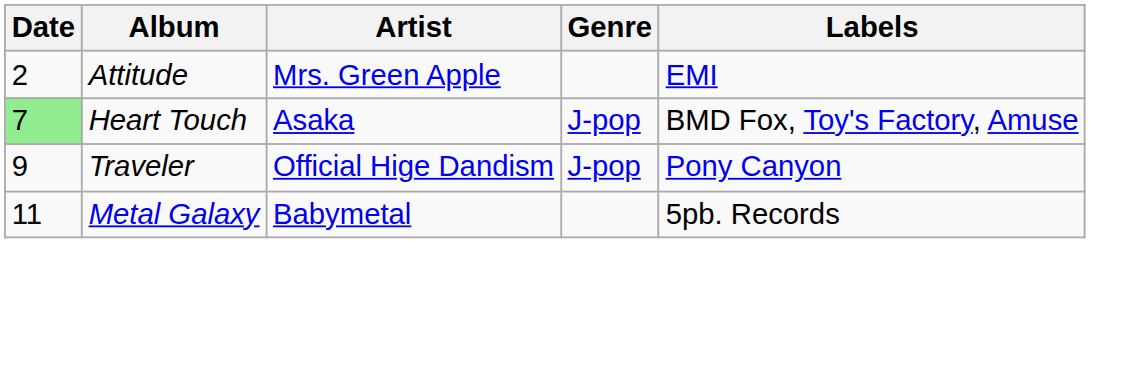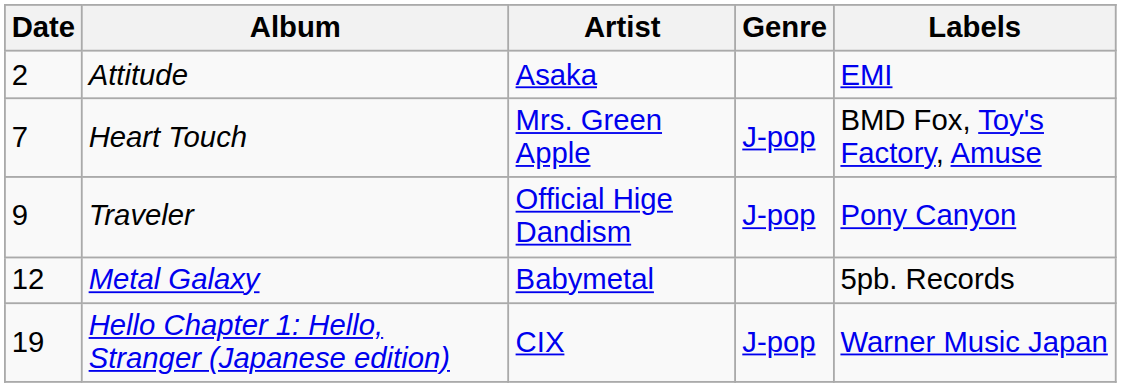 <table class="wikitable">
 <tr>
 <th>Date</th>
 <th>Album</th>
 <th>Artist</th>
 <th>Genre</th>
 <th>Labels</th>
 </tr>
 <tr>
 <td>2</td>
 <td><em>Attitude</em></td>
-<td><a href='#'>Mrs. Green Apple</a></td>
+<td><a href='#'>Asaka</a></td>
 <td>‌</td>
 <td><a href='#'>EMI</a></td>
 </tr>
 <tr>
-<td style="background: lightgreen;">7</td>
+<td>7</td>
 <td><em>Heart Touch</em></td>
-<td><a href='#'>Asaka</a></td>
+<td><a href='#'>Mrs. Green Apple</a></td>
 <td><a href='#'>J-pop</a></td>
 <td>BMD Fox, <a href='#'>Toy's Factory</a>, <a href='#'>Amuse</a></td>
 </tr>
 <tr>
 <td>9</td>
 <td><em>Traveler</em></td>
 <td><a href='#'>Official Hige Dandism</a></td>
 <td><a href='#'>J-pop</a></td>
 <td><a href='#'>Pony Canyon</a></td>
 </tr>
 <tr>
-<td>11</td>
+<td>12</td>
 <td><em><a href='#'>Metal Galaxy</a></em></td>
 <td><a href='#'>Babymetal</a></td>
 <td></td>
 <td>5pb. Records</td>
 </tr>
+<tr>
+<td>19</td>
+<td><em><a href='#'>Hello Chapter 1: Hello, Stranger (Japanese edition)</a></em></td>
+<td><a href='#'>CIX</a></td>
+<td><a href='#'>J-pop</a></td>
+<td><a href='#'>Warner Music Japan</a></td>
+</tr>
 </table>
